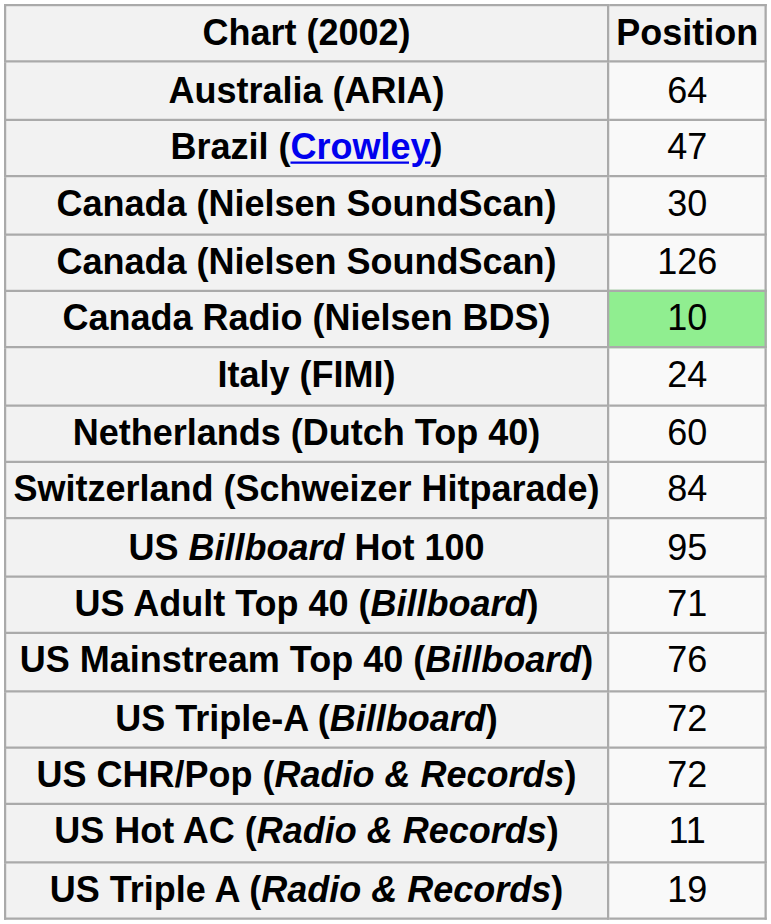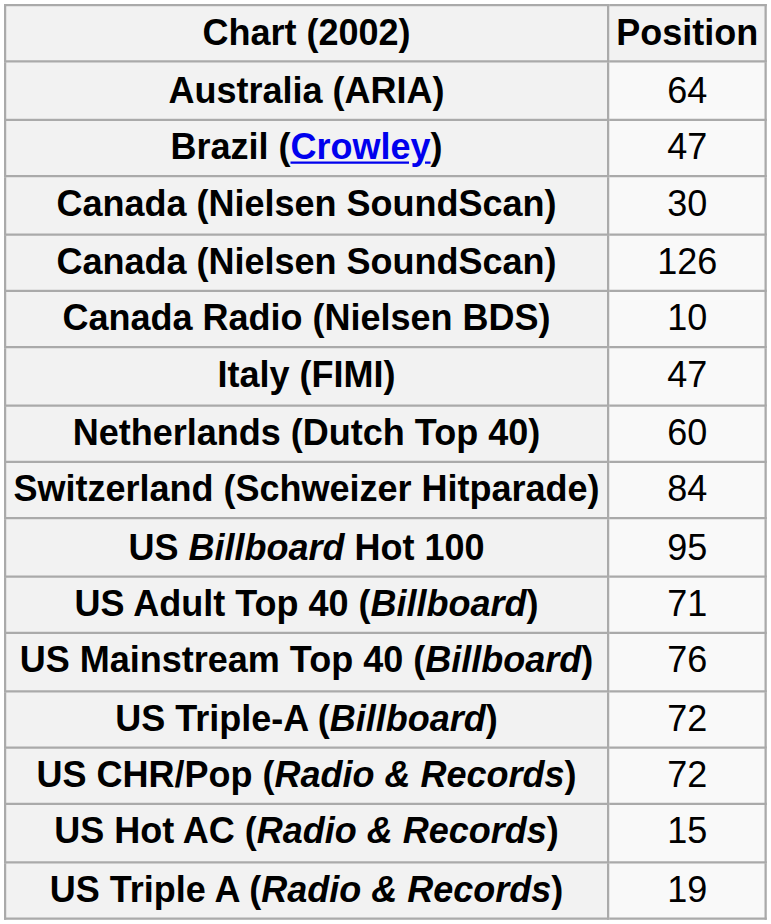 <table class="wikitable sortable plainrowheaders" style="text-align:center">
 <tr>
 <th>Chart (2002)</th>
 <th>Position</th>
 </tr>
 <tr>
 <th scope="row">Australia (ARIA)</th>
 <td>64</td>
 </tr>
 <tr>
 <th scope="row">Brazil (<a href='#'>Crowley</a>)</th>
 <td>47</td>
 </tr>
 <tr>
 <th scope="row">Canada (Nielsen SoundScan)</th>
 <td>30</td>
 </tr>
 <tr>
 <th scope="row">Canada (Nielsen SoundScan)<br></th>
 <td>126</td>
 </tr>
 <tr>
 <th scope="row">Canada Radio (Nielsen BDS)</th>
-<td style="background: lightgreen;">10</td>
+<td>10</td>
 </tr>
 <tr>
 <th scope="row">Italy (FIMI)</th>
-<td>24</td>
+<td>47</td>
 </tr>
 <tr>
 <th scope="row">Netherlands (Dutch Top 40)</th>
 <td>60</td>
 </tr>
 <tr>
 <th scope="row">Switzerland (Schweizer Hitparade)</th>
 <td>84</td>
 </tr>
 <tr>
 <th scope="row">US <em>Billboard</em> Hot 100</th>
 <td>95</td>
 </tr>
 <tr>
 <th scope="row">US Adult Top 40 (<em>Billboard</em>)</th>
 <td>71</td>
 </tr>
 <tr>
 <th scope="row">US Mainstream Top 40 (<em>Billboard</em>)</th>
 <td>76</td>
 </tr>
 <tr>
 <th scope="row">US Triple-A (<em>Billboard</em>)</th>
 <td>72</td>
 </tr>
 <tr>
 <th scope="row">US CHR/Pop (<em>Radio & Records</em>)</th>
 <td>72</td>
 </tr>
 <tr>
 <th scope="row">US Hot AC (<em>Radio & Records</em>)</th>
-<td>11</td>
+<td>15</td>
 </tr>
 <tr>
 <th scope="row">US Triple A (<em>Radio & Records</em>)</th>
 <td>19</td>
 </tr>
 </table>
